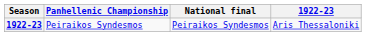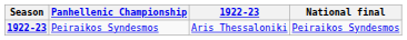 <table class="wikitable">
 <tr>
 <th>Season</th>
 <th><a href='#'>Panhellenic Championship</a></th>
+<th><a href='#'>1922-23</a></th>
 <th>National final</th>
-<th><a href='#'>1922-23</a></th>
 </tr>
 <tr>
 <th><a href='#'>1922-23</a></th>
 <td><a href='#'>Peiraikos Syndesmos</a></td>
+<td><a href='#'>Aris Thessaloniki</a></td>
 <td><a href='#'>Peiraikos Syndesmos</a></td>
-<td><a href='#'>Aris Thessaloniki</a></td>
 </tr>
 </table>
